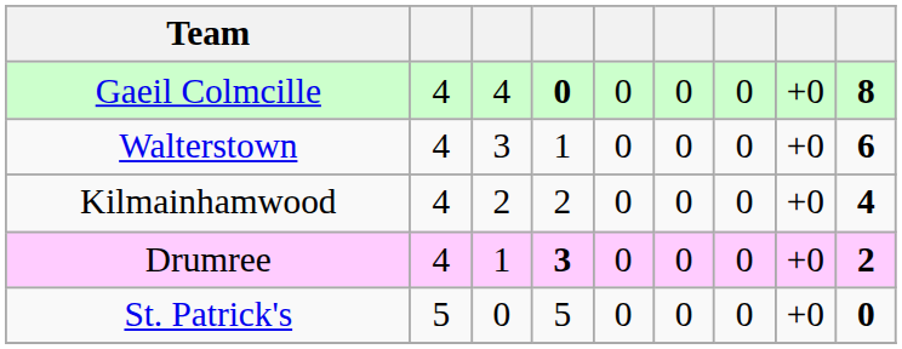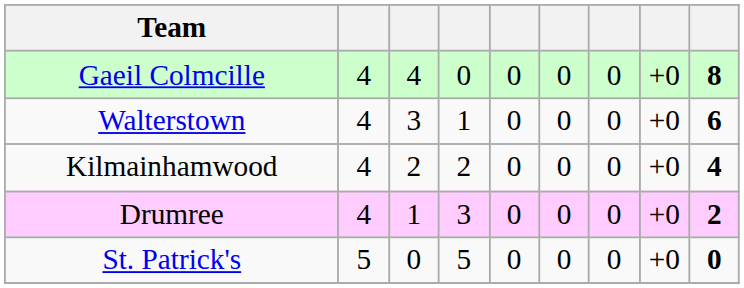 <table class="wikitable" style="text-align:center">
 <tr>
 <th style="width:175px;">Team</th>
 <th width="20"></th>
 <th width="20"></th>
 <th width="20"></th>
 <th width="20"></th>
 <th width="20"></th>
 <th width="20"></th>
 <th width="20"></th>
 <th width="20"></th>
 </tr>
 <tr style="background:#cfc;">
 <td><a href='#'>Gaeil Colmcille</a></td>
 <td>4</td>
 <td>4</td>
-<td><strong>0</strong></td>
+<td>0</td>
 <td>0</td>
 <td>0</td>
 <td>0</td>
 <td>+0</td>
 <td><strong>8</strong></td>
 </tr>
 <tr>
 <td><a href='#'>Walterstown</a></td>
 <td>4</td>
 <td>3</td>
 <td>1</td>
 <td>0</td>
 <td>0</td>
 <td>0</td>
 <td>+0</td>
 <td><strong>6</strong></td>
 </tr>
 <tr>
 <td>Kilmainhamwood</td>
 <td>4</td>
 <td>2</td>
 <td>2</td>
 <td>0</td>
 <td>0</td>
 <td>0</td>
 <td>+0</td>
 <td><strong>4</strong></td>
 </tr>
 <tr style="background:#fcf;">
 <td>Drumree</td>
 <td>4</td>
 <td>1</td>
-<td><strong>3</strong></td>
+<td>3</td>
 <td>0</td>
 <td>0</td>
 <td>0</td>
 <td>+0</td>
 <td><strong>2</strong></td>
 </tr>
 <tr>
 <td><a href='#'>St. Patrick's</a></td>
 <td>5</td>
 <td>0</td>
 <td>5</td>
 <td>0</td>
 <td>0</td>
 <td>0</td>
 <td>+0</td>
 <td><strong>0</strong></td>
 </tr>
 <tr>
 </tr>
 </table>
